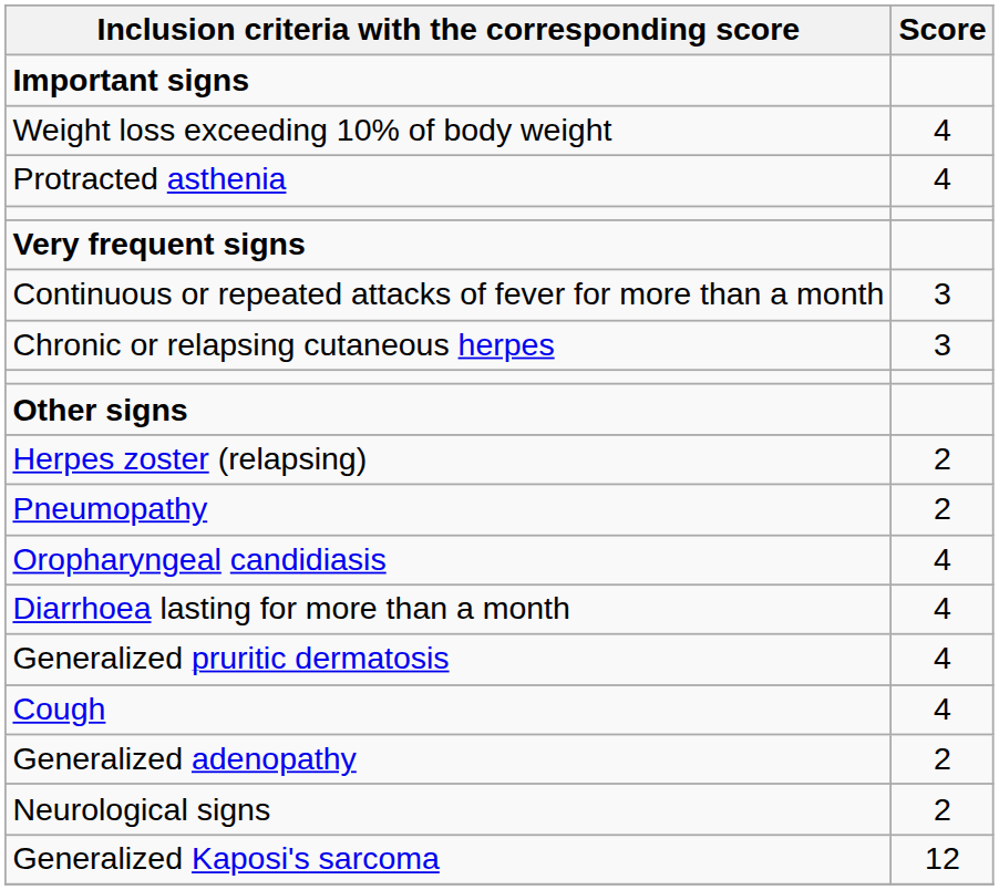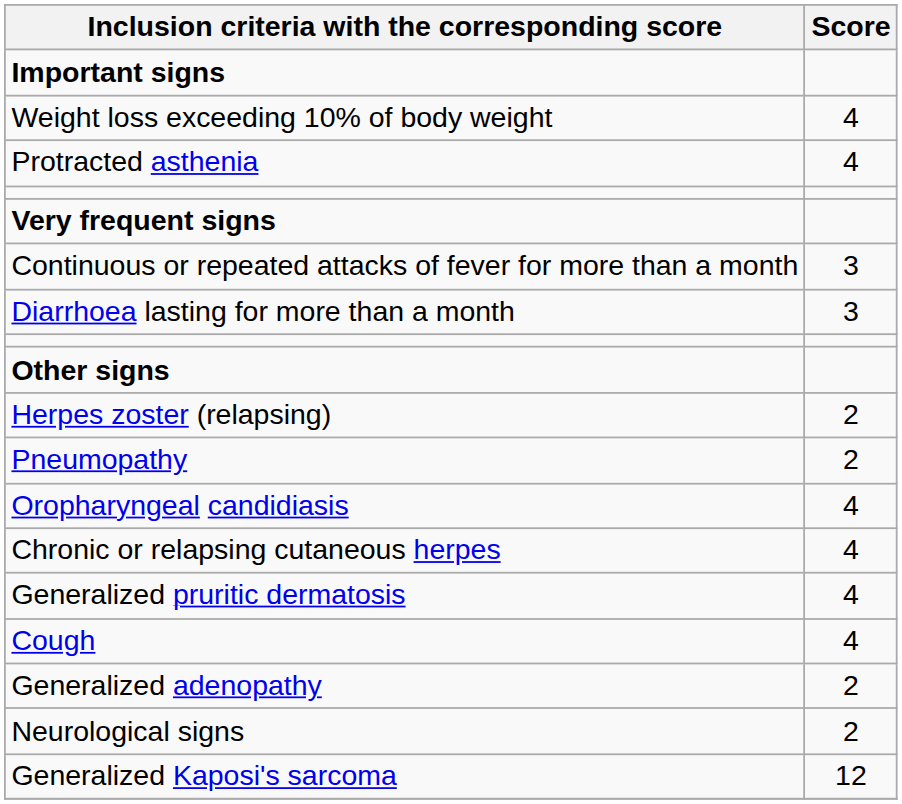 <table class="wikitable">
 <tr>
 <th>Inclusion criteria with the corresponding score</th>
 <th>Score</th>
 </tr>
 <tr>
 <td><strong>Important signs</strong></td>
 <td align="center"></td>
 </tr>
 <tr>
 <td>Weight loss exceeding 10% of body weight</td>
 <td align="center">4</td>
 </tr>
 <tr>
 <td>Protracted <a href='#'>asthenia</a></td>
 <td align="center">4</td>
 </tr>
 <tr>
 <td></td>
 <td align="center"></td>
 </tr>
 <tr>
 <td><strong>Very frequent signs</strong></td>
 <td align="center"></td>
 </tr>
 <tr>
 <td>Continuous or repeated attacks of fever for more than a month</td>
 <td align="center">3</td>
 </tr>
 <tr>
-<td>Chronic or relapsing cutaneous <a href='#'>herpes</a></td>
+<td><a href='#'>Diarrhoea</a> lasting for more than a month</td>
 <td align="center">3</td>
 </tr>
 <tr>
 <td></td>
 <td align="center"></td>
 </tr>
 <tr>
 <td><strong>Other signs</strong></td>
 <td align="center"></td>
 </tr>
 <tr>
 <td><a href='#'>Herpes zoster</a> (relapsing)</td>
 <td align="center">2</td>
 </tr>
 <tr>
 <td><a href='#'>Pneumopathy</a></td>
 <td align="center">2</td>
 </tr>
 <tr>
 <td><a href='#'>Oropharyngeal</a> <a href='#'>candidiasis</a></td>
 <td align="center">4</td>
 </tr>
 <tr>
-<td><a href='#'>Diarrhoea</a> lasting for more than a month</td>
+<td>Chronic or relapsing cutaneous <a href='#'>herpes</a></td>
 <td align="center">4</td>
 </tr>
 <tr>
 <td>Generalized <a href='#'>pruritic dermatosis</a></td>
 <td align="center">4</td>
 </tr>
 <tr>
 <td><a href='#'>Cough</a></td>
 <td align="center">4</td>
 </tr>
 <tr>
 <td>Generalized <a href='#'>adenopathy</a></td>
 <td align="center">2</td>
 </tr>
 <tr>
 <td>Neurological signs</td>
 <td align="center">2</td>
 </tr>
 <tr>
 <td>Generalized <a href='#'>Kaposi's sarcoma</a></td>
 <td align="center">12</td>
 </tr>
 <tr>
 </tr>
 </table>
